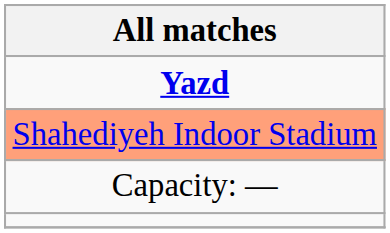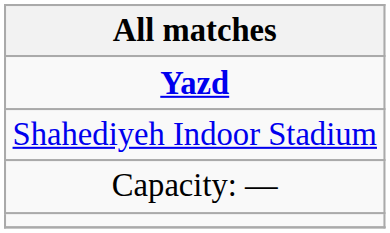 <table class="wikitable" style="text-align:center;">
 <tr>
 <th colspan=2>All matches</th>
 </tr>
 <tr>
 <td><strong><a href='#'>Yazd</a></strong></td>
 </tr>
 <tr>
-<td style="background: lightsalmon;"><a href='#'>Shahediyeh Indoor Stadium</a></td>
+<td><a href='#'>Shahediyeh Indoor Stadium</a></td>
 </tr>
 <tr>
 <td>Capacity: —</td>
 </tr>
 <tr>
 <td></td>
 </tr>
 <tr>
 </tr>
 </table>
